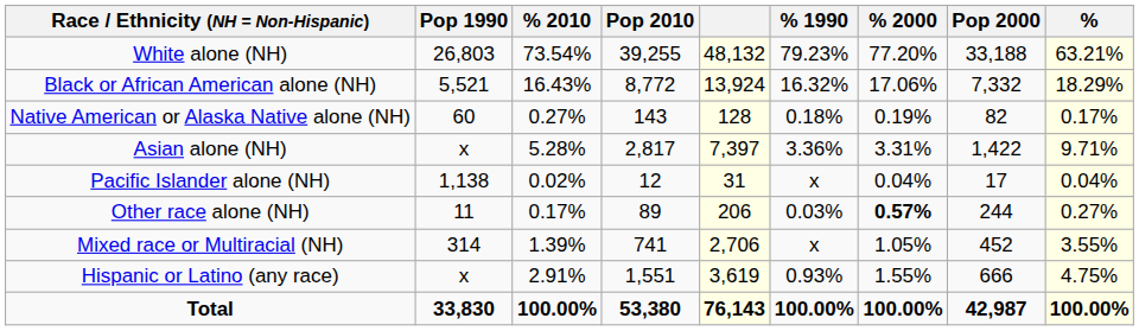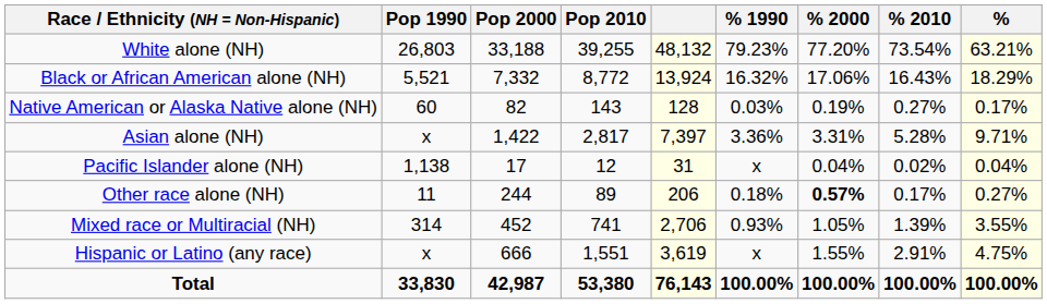 <table class="wikitable" style="text-align:center;">
 <tr>
 <th>Race / Ethnicity <small>(<em>NH = Non-Hispanic</em>)</small></th>
 <th>Pop 1990</th>
-<th>% 2010</th>
+<th>Pop 2000</th>
 <th>Pop 2010</th>
 <th></th>
 <th>% 1990</th>
 <th>% 2000</th>
-<th>Pop 2000</th>
+<th>% 2010</th>
 <th>% </th>
 </tr>
 <tr>
 <td><a href='#'>White</a> alone (NH)</td>
 <td>26,803</td>
-<td>73.54%</td>
+<td>33,188</td>
 <td>39,255</td>
 <td style='background: #ffffe6;'>48,132</td>
 <td>79.23%</td>
 <td>77.20%</td>
-<td>33,188</td>
+<td>73.54%</td>
 <td style='background: #ffffe6;'>63.21%</td>
 </tr>
 <tr>
 <td><a href='#'>Black or African American</a> alone (NH)</td>
 <td>5,521</td>
-<td>16.43%</td>
+<td>7,332</td>
 <td>8,772</td>
 <td style='background: #ffffe6;'>13,924</td>
 <td>16.32%</td>
 <td>17.06%</td>
-<td>7,332</td>
+<td>16.43%</td>
 <td style='background: #ffffe6;'>18.29%</td>
 </tr>
 <tr>
 <td><a href='#'>Native American</a> or <a href='#'>Alaska Native</a> alone (NH)</td>
 <td>60</td>
-<td>0.27%</td>
+<td>82</td>
 <td>143</td>
 <td style='background: #ffffe6;'>128</td>
-<td>0.18%</td>
+<td>0.03%</td>
 <td>0.19%</td>
-<td>82</td>
+<td>0.27%</td>
 <td style='background: #ffffe6;'>0.17%</td>
 </tr>
 <tr>
 <td><a href='#'>Asian</a> alone (NH)</td>
 <td>x</td>
-<td>5.28%</td>
+<td>1,422</td>
 <td>2,817</td>
 <td style='background: #ffffe6;'>7,397</td>
 <td>3.36%</td>
 <td>3.31%</td>
-<td>1,422</td>
+<td>5.28%</td>
 <td style='background: #ffffe6;'>9.71%</td>
 </tr>
 <tr>
 <td><a href='#'>Pacific Islander</a> alone (NH)</td>
 <td>1,138</td>
-<td>0.02%</td>
+<td>17</td>
 <td>12</td>
 <td style='background: #ffffe6;'>31</td>
 <td>x</td>
 <td>0.04%</td>
-<td>17</td>
+<td>0.02%</td>
 <td style='background: #ffffe6;'>0.04%</td>
 </tr>
 <tr>
 <td><a href='#'>Other race</a> alone (NH)</td>
 <td>11</td>
-<td>0.17%</td>
+<td>244</td>
 <td>89</td>
 <td style='background: #ffffe6;'>206</td>
-<td>0.03%</td>
+<td>0.18%</td>
 <td><strong>0.57%</strong></td>
-<td>244</td>
+<td>0.17%</td>
 <td style='background: #ffffe6;'>0.27%</td>
 </tr>
 <tr>
 <td><a href='#'>Mixed race or Multiracial</a> (NH)</td>
 <td>314</td>
-<td>1.39%</td>
+<td>452</td>
 <td>741</td>
 <td style='background: #ffffe6;'>2,706</td>
-<td>x</td>
+<td>0.93%</td>
 <td>1.05%</td>
-<td>452</td>
+<td>1.39%</td>
 <td style='background: #ffffe6;'>3.55%</td>
 </tr>
 <tr>
 <td><a href='#'>Hispanic or Latino</a> (any race)</td>
 <td>x</td>
-<td>2.91%</td>
+<td>666</td>
 <td>1,551</td>
 <td style='background: #ffffe6;'>3,619</td>
-<td>0.93%</td>
+<td>x</td>
 <td>1.55%</td>
-<td>666</td>
+<td>2.91%</td>
 <td style='background: #ffffe6;'>4.75%</td>
 </tr>
 <tr>
 <td><strong>Total</strong></td>
 <td><strong>33,830</strong></td>
-<td><strong>100.00%</strong></td>
+<td><strong>42,987</strong></td>
 <td><strong>53,380</strong></td>
 <td style='background: #ffffe6;'><strong>76,143</strong></td>
 <td><strong>100.00%</strong></td>
 <td><strong>100.00%</strong></td>
-<td><strong>42,987</strong></td>
+<td><strong>100.00%</strong></td>
 <td style='background: #ffffe6;'><strong>100.00%</strong></td>
 </tr>
 </table>
